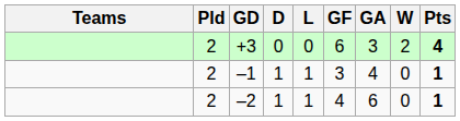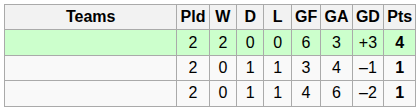 <table class="wikitable" style="text-align: center;">
 <tr>
 <th width=165>Teams</th>
 <th width=20>Pld</th>
-<th width=20>GD</th>
+<th width=20>W</th>
 <th width=20>D</th>
 <th width=20>L</th>
 <th width=20>GF</th>
 <th width=20>GA</th>
-<th width=20>W</th>
+<th width=20>GD</th>
 <th width=20>Pts</th>
 </tr>
 <tr align=center style="background:#ccffcc;">
 <td style="text-align:left;"></td>
 <td>2</td>
-<td>+3</td>
+<td>2</td>
 <td>0</td>
 <td>0</td>
 <td>6</td>
 <td>3</td>
-<td>2</td>
+<td>+3</td>
 <td><strong>4</strong></td>
 </tr>
 <tr align=center>
 <td style="text-align:left;"></td>
 <td>2</td>
-<td>–1</td>
+<td>0</td>
 <td>1</td>
 <td>1</td>
 <td>3</td>
 <td>4</td>
-<td>0</td>
+<td>–1</td>
 <td><strong>1</strong></td>
 </tr>
 <tr align=center>
 <td style="text-align:left;"></td>
 <td>2</td>
-<td>–2</td>
+<td>0</td>
 <td>1</td>
 <td>1</td>
 <td>4</td>
 <td>6</td>
-<td>0</td>
+<td>–2</td>
 <td><strong>1</strong></td>
 </tr>
 </table>
